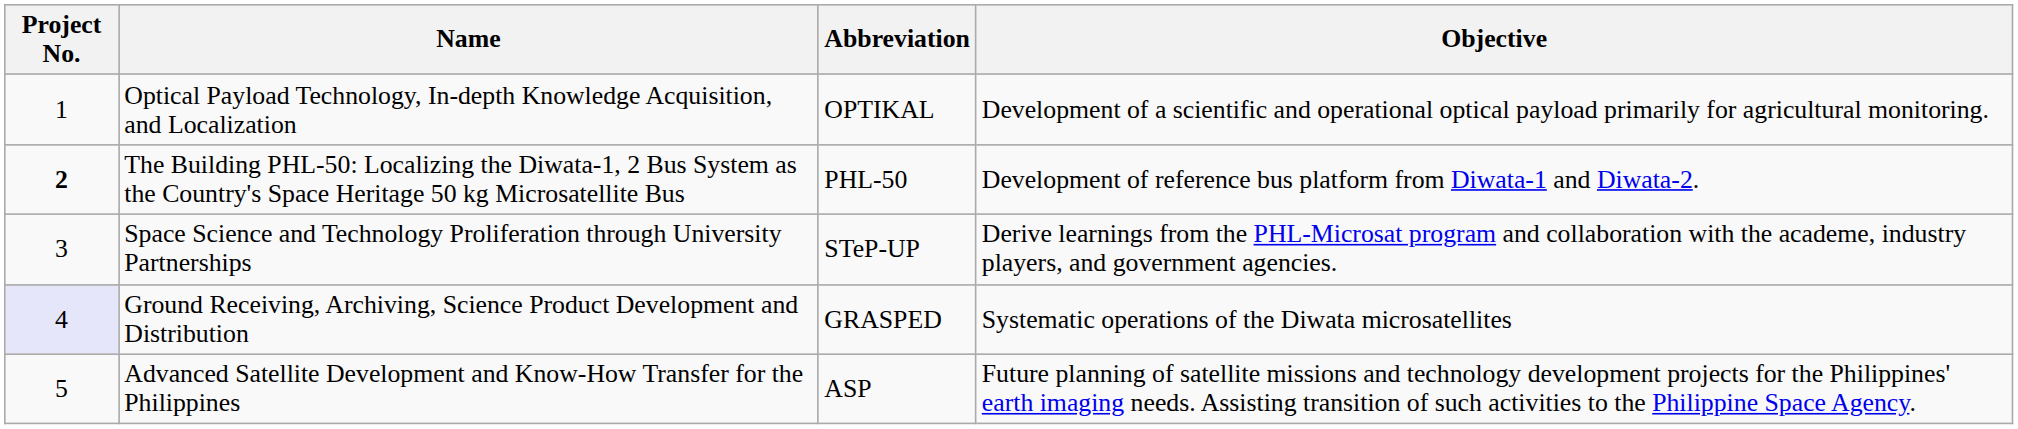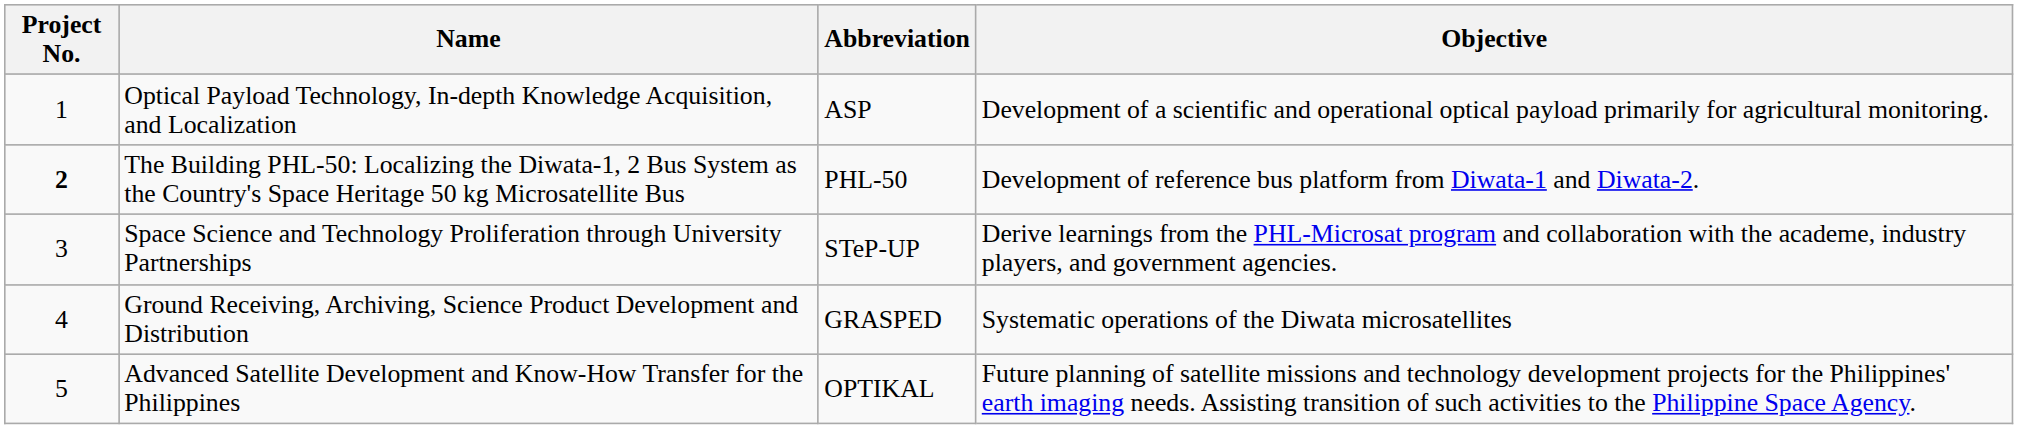 <table class="wikitable" style="font-size:100%;">
 <tr>
 <th>Project No.</th>
 <th>Name</th>
 <th>Abbreviation</th>
 <th>Objective</th>
 </tr>
 <tr>
 <td align=center>1</td>
 <td>Optical Payload Technology, In-depth Knowledge Acquisition, and Localization</td>
-<td>OPTIKAL</td>
+<td>ASP</td>
 <td>Development of a scientific and operational optical payload primarily for agricultural monitoring.</td>
 </tr>
 <tr>
 <td align=center><strong>2</strong></td>
 <td>The Building PHL-50: Localizing the Diwata-1, 2 Bus System as the Country's Space Heritage 50 kg Microsatellite Bus</td>
 <td>PHL-50</td>
 <td>Development of reference bus platform from <a href='#'>Diwata-1</a> and <a href='#'>Diwata-2</a>.</td>
 </tr>
 <tr>
 <td align=center>3</td>
 <td>Space Science and Technology Proliferation through University Partnerships</td>
 <td>STeP-UP</td>
 <td>Derive learnings from the <a href='#'>PHL-Microsat program</a> and collaboration with the academe, industry players, and government agencies.</td>
 </tr>
 <tr>
-<td align=center style="background: lavender;">4</td>
+<td align=center>4</td>
 <td>Ground Receiving, Archiving, Science Product Development and Distribution</td>
 <td>GRASPED</td>
 <td>Systematic operations of the Diwata microsatellites</td>
 </tr>
 <tr>
 <td align=center>5</td>
 <td>Advanced Satellite Development and Know-How Transfer for the Philippines</td>
-<td>ASP</td>
+<td>OPTIKAL</td>
 <td>Future planning of satellite missions and technology development projects for the Philippines' <a href='#'>earth imaging</a> needs. Assisting transition of such activities to the <a href='#'>Philippine Space Agency</a>.</td>
 </tr>
 </table>
